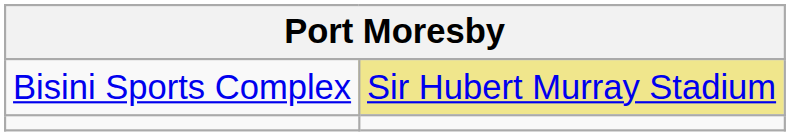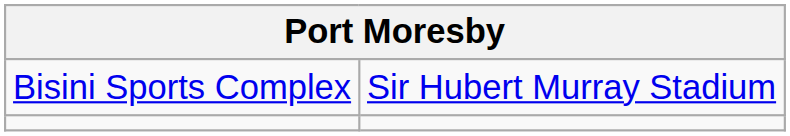 <table class="wikitable">
 <tr>
 <th colspan=2>Port Moresby</th>
 </tr>
 <tr>
 <td><a href='#'>Bisini Sports Complex</a></td>
-<td style="background: khaki;"><a href='#'>Sir Hubert Murray Stadium</a></td>
+<td><a href='#'>Sir Hubert Murray Stadium</a></td>
 </tr>
 <tr>
 <td></td>
 <td></td>
 </tr>
 </table>
